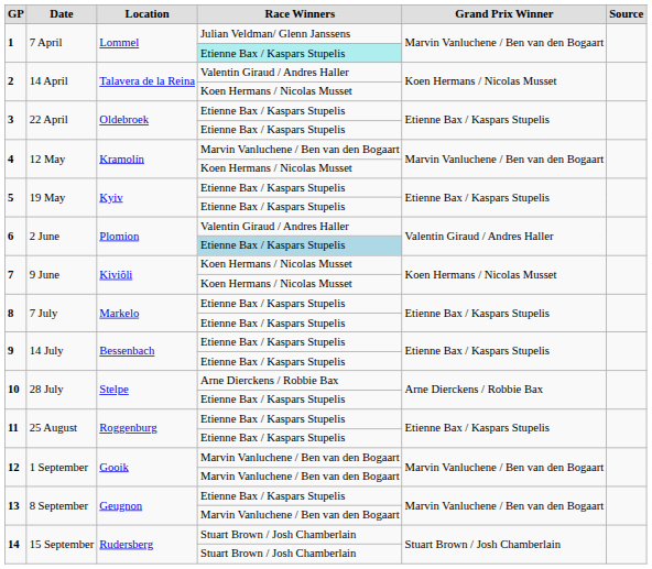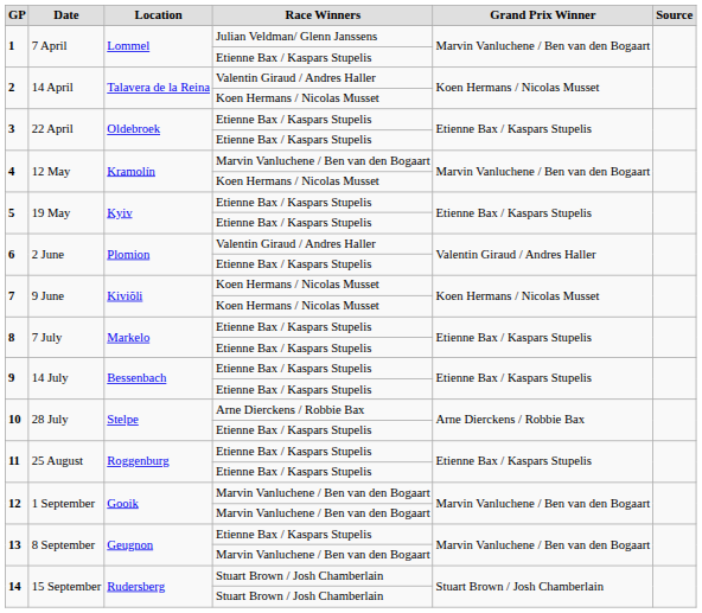 <table class="wikitable" style="font-size: 85%;">
 <tr align="center" style="background:#dfdfdf;">
 <td><strong>GP</strong></td>
 <td><strong>Date</strong></td>
 <td><strong>Location</strong></td>
 <td><strong>Race Winners</strong></td>
 <td><strong>Grand Prix Winner</strong></td>
 <td><strong>Source</strong></td>
 </tr>
 <tr>
 <td rowspan="2"><strong>1</strong></td>
 <td rowspan="2">7 April</td>
 <td rowspan="2"> <a href='#'>Lommel</a></td>
 <td>  Julian Veldman/  Glenn Janssens</td>
 <td rowspan="2"> Marvin Vanluchene /  Ben van den Bogaart</td>
 <td rowspan="2"></td>
 </tr>
 <tr>
-<td style="background: paleturquoise;"> Etienne Bax /  Kaspars Stupelis</td>
+<td> Etienne Bax /  Kaspars Stupelis</td>
 </tr>
 <tr>
 <td rowspan="2"><strong>2</strong></td>
 <td rowspan="2">14 April</td>
 <td rowspan="2"> <a href='#'>Talavera de la Reina</a></td>
 <td> Valentin Giraud /  Andres Haller</td>
 <td rowspan="2"> Koen Hermans /  Nicolas Musset</td>
 <td rowspan="2"></td>
 </tr>
 <tr>
 <td> Koen Hermans /  Nicolas Musset</td>
 </tr>
 <tr>
 <td rowspan="2"><strong>3</strong></td>
 <td rowspan="2">22 April</td>
 <td rowspan="2"> <a href='#'>Oldebroek</a></td>
 <td> Etienne Bax /  Kaspars Stupelis</td>
 <td rowspan="2"> Etienne Bax /  Kaspars Stupelis</td>
 <td rowspan="2"></td>
 </tr>
 <tr>
 <td> Etienne Bax /  Kaspars Stupelis</td>
 </tr>
 <tr>
 <td rowspan="2"><strong>4</strong></td>
 <td rowspan="2">12 May</td>
 <td rowspan="2"> <a href='#'>Kramolín</a></td>
 <td> Marvin Vanluchene /  Ben van den Bogaart</td>
 <td rowspan="2"> Marvin Vanluchene /  Ben van den Bogaart</td>
 <td rowspan="2"></td>
 </tr>
 <tr>
 <td> Koen Hermans /  Nicolas Musset</td>
 </tr>
 <tr>
 <td rowspan="2"><strong>5</strong></td>
 <td rowspan="2">19 May</td>
 <td rowspan="2"> <a href='#'>Kyiv</a></td>
 <td> Etienne Bax /  Kaspars Stupelis</td>
 <td rowspan="2"> Etienne Bax /  Kaspars Stupelis</td>
 <td rowspan="2"></td>
 </tr>
 <tr>
 <td> Etienne Bax /  Kaspars Stupelis</td>
 </tr>
 <tr>
 <td rowspan="2"><strong>6</strong></td>
 <td rowspan="2">2 June</td>
 <td rowspan="2"> <a href='#'>Plomion</a></td>
 <td> Valentin Giraud /  Andres Haller</td>
 <td rowspan="2"> Valentin Giraud /  Andres Haller</td>
 <td rowspan="2"></td>
 </tr>
 <tr>
-<td style="background: lightblue;"> Etienne Bax /  Kaspars Stupelis</td>
+<td> Etienne Bax /  Kaspars Stupelis</td>
 </tr>
 <tr>
 <td rowspan="2"><strong>7</strong></td>
 <td rowspan="2">9 June</td>
 <td rowspan="2"> <a href='#'>Kiviõli</a></td>
 <td> Koen Hermans /  Nicolas Musset</td>
 <td rowspan="2"> Koen Hermans /  Nicolas Musset</td>
 <td rowspan="2"></td>
 </tr>
 <tr>
 <td> Koen Hermans /  Nicolas Musset</td>
 </tr>
 <tr>
 <td rowspan="2"><strong>8</strong></td>
 <td rowspan="2">7 July</td>
 <td rowspan="2"> <a href='#'>Markelo</a></td>
 <td> Etienne Bax /  Kaspars Stupelis</td>
 <td rowspan="2"> Etienne Bax /  Kaspars Stupelis</td>
 <td rowspan="2"></td>
 </tr>
 <tr>
 <td> Etienne Bax /  Kaspars Stupelis</td>
 </tr>
 <tr>
 <td rowspan="2"><strong>9</strong></td>
 <td rowspan="2">14 July</td>
 <td rowspan="2"> <a href='#'>Bessenbach</a></td>
 <td> Etienne Bax /  Kaspars Stupelis</td>
 <td rowspan="2"> Etienne Bax /  Kaspars Stupelis</td>
 <td rowspan="2"></td>
 </tr>
 <tr>
 <td> Etienne Bax /  Kaspars Stupelis</td>
 </tr>
 <tr>
 <td rowspan="2"><strong>10</strong></td>
 <td rowspan="2">28 July</td>
 <td rowspan="2"> <a href='#'>Stelpe</a></td>
 <td> Arne Dierckens /  Robbie Bax</td>
 <td rowspan="2"> Arne Dierckens /  Robbie Bax</td>
 <td rowspan="2"></td>
 </tr>
 <tr>
 <td> Etienne Bax /  Kaspars Stupelis</td>
 </tr>
 <tr>
 <td rowspan="2"><strong>11</strong></td>
 <td rowspan="2">25 August</td>
 <td rowspan="2"> <a href='#'>Roggenburg</a></td>
 <td> Etienne Bax /  Kaspars Stupelis</td>
 <td rowspan="2"> Etienne Bax /  Kaspars Stupelis</td>
 <td rowspan="2"></td>
 </tr>
 <tr>
 <td> Etienne Bax /  Kaspars Stupelis</td>
 </tr>
 <tr>
 <td rowspan="2"><strong>12</strong></td>
 <td rowspan="2">1 September</td>
 <td rowspan="2"> <a href='#'>Gooik</a></td>
 <td> Marvin Vanluchene /  Ben van den Bogaart</td>
 <td rowspan="2"> Marvin Vanluchene /  Ben van den Bogaart</td>
 <td rowspan="2"></td>
 </tr>
 <tr>
 <td> Marvin Vanluchene /  Ben van den Bogaart</td>
 </tr>
 <tr>
 <td rowspan="2"><strong>13</strong></td>
 <td rowspan="2">8 September</td>
 <td rowspan="2"> <a href='#'>Geugnon</a></td>
 <td> Etienne Bax /  Kaspars Stupelis</td>
 <td rowspan="2"> Marvin Vanluchene /  Ben van den Bogaart</td>
 <td rowspan="2"></td>
 </tr>
 <tr>
 <td> Marvin Vanluchene /  Ben van den Bogaart</td>
 </tr>
 <tr>
 <td rowspan="2"><strong>14</strong></td>
 <td rowspan="2">15 September</td>
 <td rowspan="2"> <a href='#'>Rudersberg</a></td>
 <td> Stuart Brown /  Josh Chamberlain</td>
 <td rowspan="2"> Stuart Brown /  Josh Chamberlain</td>
 <td rowspan="2"></td>
 </tr>
 <tr>
 <td> Stuart Brown /  Josh Chamberlain</td>
 </tr>
 </table>
